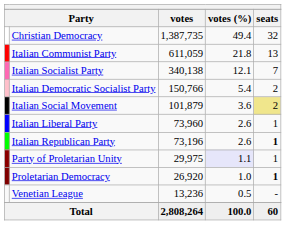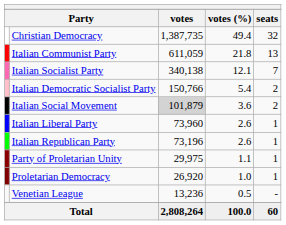 <table class="wikitable" style="font-size:95%">
 <tr>
 <th colspan="5"></th>
 </tr>
 <tr>
 </tr>
 <tr bgcolor="EFEFEF">
 <th colspan=2>Party</th>
 <th>votes</th>
 <th>votes (%)</th>
 <th>seats</th>
 </tr>
 <tr>
 <td bgcolor=white></td>
 <td><a href='#'>Christian Democracy</a></td>
 <td align=right>1,387,735</td>
 <td align=right>49.4</td>
 <td align=right>32</td>
 </tr>
 <tr>
 <td bgcolor=red></td>
 <td><a href='#'>Italian Communist Party</a></td>
 <td align=right>611,059</td>
 <td align=right>21.8</td>
 <td align=right>13</td>
 </tr>
 <tr>
 <td bgcolor=hotpink></td>
 <td><a href='#'>Italian Socialist Party</a></td>
 <td align=right>340,138</td>
 <td align=right>12.1</td>
 <td align=right>7</td>
 </tr>
 <tr>
 <td bgcolor=pink></td>
 <td><a href='#'>Italian Democratic Socialist Party</a></td>
 <td align=right>150,766</td>
 <td align=right>5.4</td>
 <td align=right>2</td>
 </tr>
 <tr>
 <td bgcolor=black></td>
 <td><a href='#'>Italian Social Movement</a></td>
-<td align=right>101,879</td>
+<td align=right style="background: lightgrey;">101,879</td>
 <td align=right>3.6</td>
-<td align=right style="background: khaki;">2</td>
+<td align=right>2</td>
 </tr>
 <tr>
 <td bgcolor=blue></td>
 <td><a href='#'>Italian Liberal Party</a></td>
 <td align=right>73,960</td>
 <td align=right>2.6</td>
 <td align=right>1</td>
 </tr>
 <tr>
 <td bgcolor=lime></td>
 <td><a href='#'>Italian Republican Party</a></td>
 <td align=right>73,196</td>
 <td align=right>2.6</td>
-<td align=right><strong>1</strong></td>
+<td align=right>1</td>
 </tr>
 <tr>
 <td bgcolor=darkred></td>
 <td><a href='#'>Party of Proletarian Unity</a></td>
 <td align=right>29,975</td>
-<td align=right style="background: lavender;">1.1</td>
+<td align=right>1.1</td>
 <td align=right>1</td>
 </tr>
 <tr>
 <td bgcolor=maroon></td>
 <td><a href='#'>Proletarian Democracy</a></td>
 <td align=right>26,920</td>
 <td align=right>1.0</td>
-<td align=right><strong>1</strong></td>
+<td align=right>1</td>
 </tr>
 <tr>
 <td></td>
 <td><a href='#'>Venetian League</a></td>
 <td align=right>13,236</td>
 <td align=right>0.5</td>
 <td align=right>-</td>
 </tr>
 <tr>
 </tr>
 <tr bgcolor="EFEFEF">
 <th colspan=2><strong>Total</strong></th>
 <td align=right><strong>2,808,264</strong></td>
 <td align=right><strong>100.0</strong></td>
 <td align=right><strong>60</strong></td>
 </tr>
 </table>
